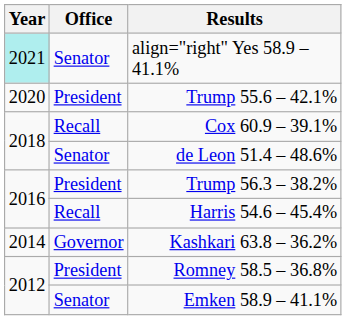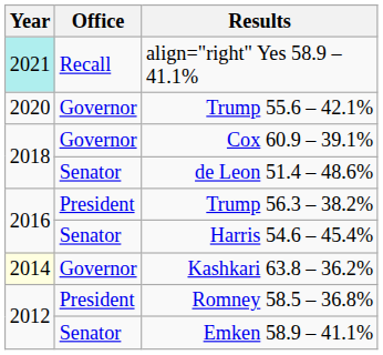 <table class=wikitable>
 <tr>
 <th width="30">Year</th>
 <th width="60">Office</th>
 <th width="180">Results</th>
 </tr>
 <tr>
 <td style="background: paleturquoise;">2021</td>
-<td><a href='#'>Senator</a></td>
+<td><a href='#'>Recall</a></td>
 <td>align="right"  Yes 58.9 – 41.1%</td>
 </tr>
 <tr>
 <td>2020</td>
-<td><a href='#'>President</a></td>
+<td><a href='#'>Governor</a></td>
 <td align="right" ><a href='#'>Trump</a> 55.6 – 42.1%</td>
 </tr>
 <tr>
 <td rowspan="2">2018</td>
-<td><a href='#'>Recall</a></td>
+<td><a href='#'>Governor</a></td>
 <td align="right" ><a href='#'>Cox</a> 60.9 – 39.1%</td>
 </tr>
 <tr>
 <td><a href='#'>Senator</a></td>
 <td align="right" ><a href='#'>de Leon</a> 51.4 – 48.6%</td>
 </tr>
 <tr>
 <td rowspan="2">2016</td>
 <td><a href='#'>President</a></td>
 <td align="right" ><a href='#'>Trump</a> 56.3 – 38.2%</td>
 </tr>
 <tr>
-<td><a href='#'>Recall</a></td>
+<td><a href='#'>Senator</a></td>
 <td align="right" ><a href='#'>Harris</a> 54.6 – 45.4%</td>
 </tr>
 <tr>
-<td>2014</td>
+<td style="background: lightyellow;">2014</td>
 <td><a href='#'>Governor</a></td>
 <td align="right" ><a href='#'>Kashkari</a> 63.8 – 36.2%</td>
 </tr>
 <tr>
 <td rowspan="2">2012</td>
 <td><a href='#'>President</a></td>
 <td align="right" ><a href='#'>Romney</a> 58.5 – 36.8%</td>
 </tr>
 <tr>
 <td><a href='#'>Senator</a></td>
 <td align="right" ><a href='#'>Emken</a> 58.9 – 41.1%</td>
 </tr>
 </table>
